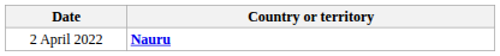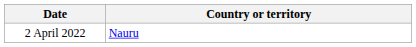 <table class="wikitable sortable">
 <tr>
 <th style="width:8em;">Date</th>
 <th style="width:25em;">Country or territory</th>
 </tr>
 <tr style="background:#fff;">
 <td style="text-align:center;">2 April 2022</td>
-<td><strong> <a href='#'>Nauru</a></strong></td>
+<td> <a href='#'>Nauru</a></td>
 </tr>
 </table>
